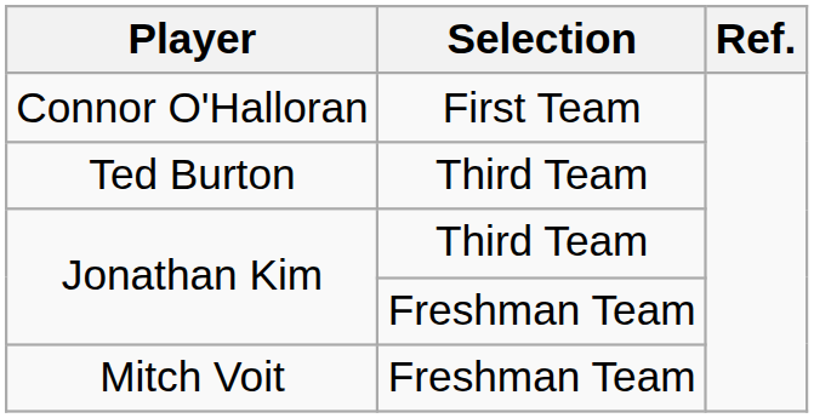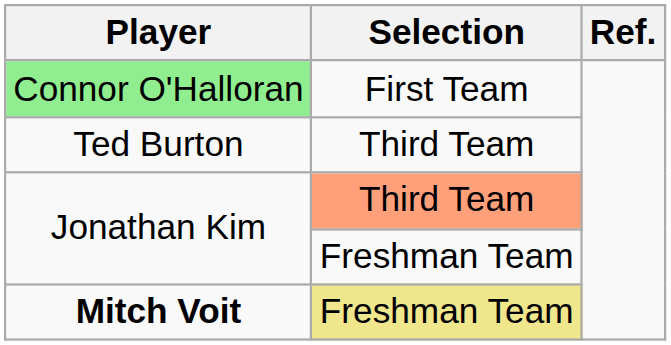 <table class="wikitable sortable sortable" style="text-align: center">
 <tr align=center>
 <th>Player</th>
 <th>Selection</th>
 <th>Ref.</th>
 </tr>
 <tr>
-<td>Connor O'Halloran</td>
+<td style="background: lightgreen;">Connor O'Halloran</td>
 <td>First Team</td>
 <td rowspan="5"></td>
 </tr>
 <tr>
 <td>Ted Burton</td>
 <td>Third Team</td>
 </tr>
 <tr>
 <td rowspan="2">Jonathan Kim</td>
-<td>Third Team</td>
+<td style="background: lightsalmon;">Third Team</td>
 </tr>
 <tr>
 <td>Freshman Team</td>
 </tr>
 <tr>
-<td>Mitch Voit</td>
-<td>Freshman Team</td>
+<td><strong>Mitch Voit</strong></td>
+<td style="background: khaki;">Freshman Team</td>
 </tr>
 </table>
